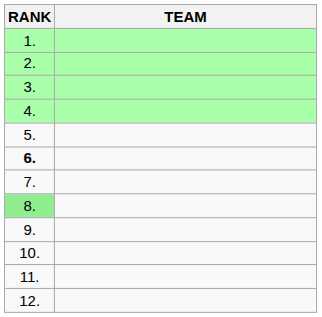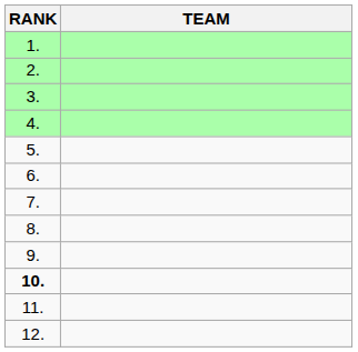 <table class="wikitable" style="border-collapse: collapse; font-size: 90%;">
 <tr>
 <th>RANK</th>
 <th align="left" style="width: 17em">TEAM</th>
 </tr>
 <tr bgcolor=#AAFFAA>
 <td align="center">1.</td>
 <td></td>
 </tr>
 <tr bgcolor=#AAFFAA>
 <td align="center">2.</td>
 <td></td>
 </tr>
 <tr bgcolor=#AAFFAA>
 <td align="center">3.</td>
 <td></td>
 </tr>
 <tr bgcolor=#AAFFAA>
 <td align="center">4.</td>
 <td></td>
 </tr>
 <tr>
 <td align="center">5.</td>
 <td></td>
 </tr>
 <tr>
-<td align="center"><strong>6.</strong></td>
+<td align="center">6.</td>
 <td></td>
 </tr>
 <tr>
 <td align="center">7.</td>
 <td></td>
 </tr>
 <tr>
-<td align="center" style="background: lightgreen;">8.</td>
+<td align="center">8.</td>
 <td></td>
 </tr>
 <tr>
 <td align="center">9.</td>
 <td></td>
 </tr>
 <tr>
-<td align="center">10.</td>
+<td align="center"><strong>10.</strong></td>
 <td></td>
 </tr>
 <tr>
 <td align="center">11.</td>
 <td></td>
 </tr>
 <tr>
 <td align="center">12.</td>
 <td></td>
 </tr>
 </table>
